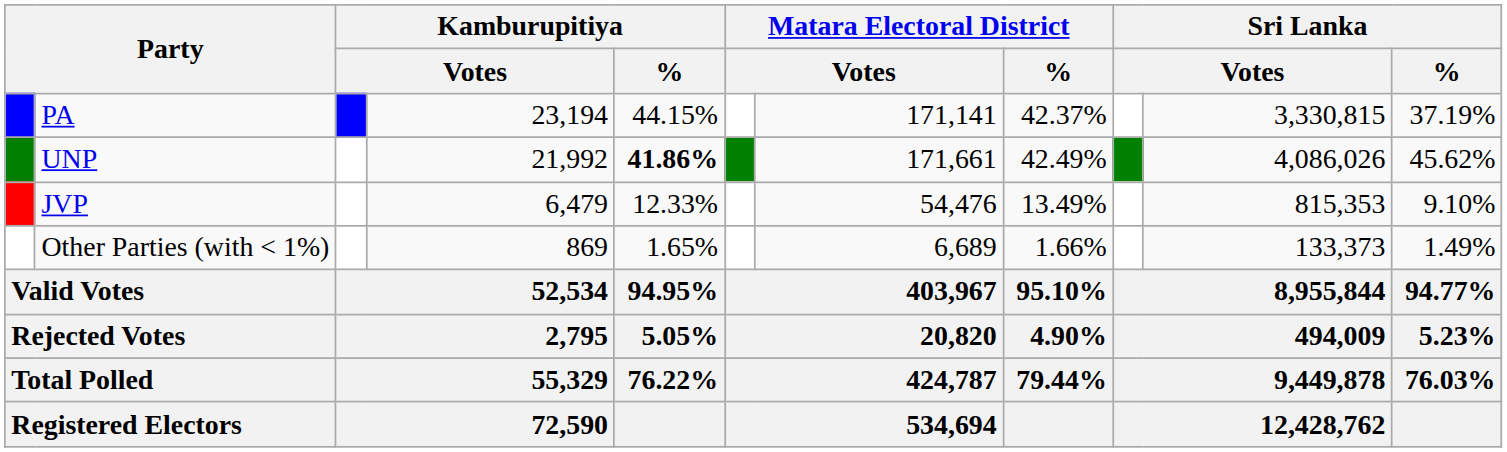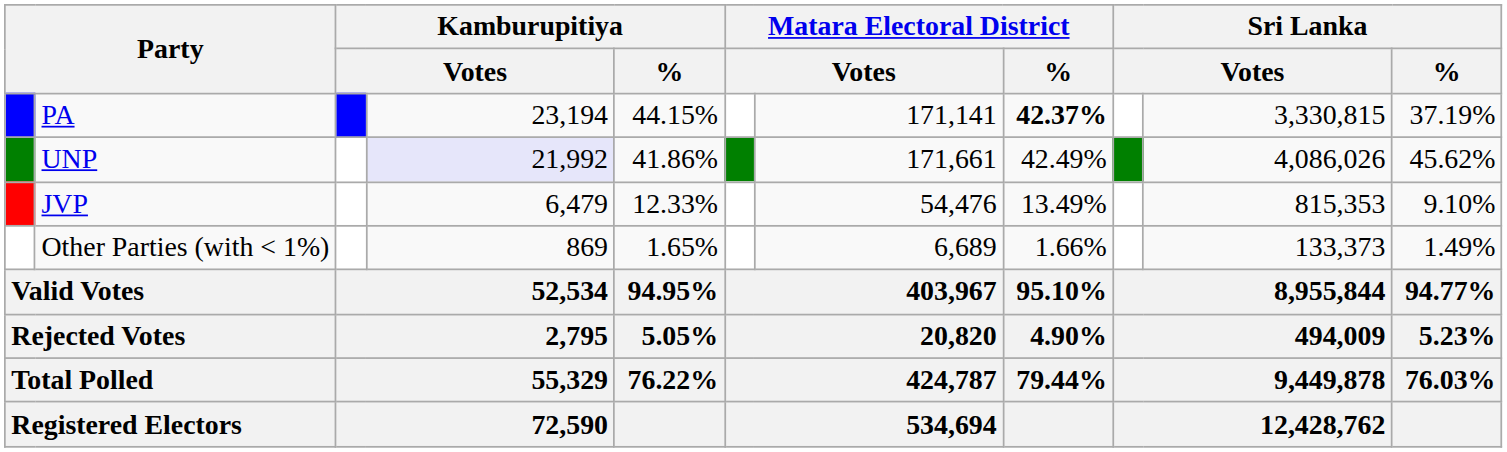 <table class="wikitable">
 <tr>
 <th colspan="2" width="144px"rowspan="2">Party</th>
 <th colspan="3" width="216px">Kamburupitiya</th>
 <th colspan="3" width="216px"><a href='#'>Matara Electoral District</a></th>
 <th colspan="3" width="216px">Sri Lanka</th>
 </tr>
 <tr>
 <th colspan="2" width="144px">Votes</th>
 <th>%</th>
 <th colspan="2" width="144px">Votes</th>
 <th>%</th>
 <th colspan="2" width="144px">Votes</th>
 <th>%</th>
 </tr>
 <tr>
 <td style="background-color:blue;" width="10px"></td>
 <td style="text-align:left;"><a href='#'>PA</a></td>
 <td style="background-color:blue;" width="10px"></td>
 <td style="text-align:right;">23,194</td>
 <td style="text-align:right;">44.15%</td>
 <td style="background-color:white;" width="10px"></td>
 <td style="text-align:right;">171,141</td>
-<td style="text-align:right;">42.37%</td>
+<td style="text-align:right;"><strong>42.37%</strong></td>
 <td style="background-color:white;" width="10px"></td>
 <td style="text-align:right;">3,330,815</td>
 <td style="text-align:right;">37.19%</td>
 </tr>
 <tr>
 <td style="background-color:green;" width="10px"></td>
 <td style="text-align:left;"><a href='#'>UNP</a></td>
 <td style="background-color:white;" width="10px"></td>
-<td style="text-align:right;">21,992</td>
-<td style="text-align:right;"><strong>41.86%</strong></td>
+<td style="background: lavender; text-align:right;">21,992</td>
+<td style="text-align:right;">41.86%</td>
 <td style="background-color:green;" width="10px"></td>
 <td style="text-align:right;">171,661</td>
 <td style="text-align:right;">42.49%</td>
 <td style="background-color:green;" width="10px"></td>
 <td style="text-align:right;">4,086,026</td>
 <td style="text-align:right;">45.62%</td>
 </tr>
 <tr>
 <td style="background-color:red;" width="10px"></td>
 <td style="text-align:left;"><a href='#'>JVP</a></td>
 <td style="background-color:white;" width="10px"></td>
 <td style="text-align:right;">6,479</td>
 <td style="text-align:right;">12.33%</td>
 <td style="background-color:white;" width="10px"></td>
 <td style="text-align:right;">54,476</td>
 <td style="text-align:right;">13.49%</td>
 <td style="background-color:white;" width="10px"></td>
 <td style="text-align:right;">815,353</td>
 <td style="text-align:right;">9.10%</td>
 </tr>
 <tr>
 <td style="background-color:white;" width="10px"></td>
 <td style="text-align:left;">Other Parties (with < 1%)</td>
 <td style="background-color:white;" width="10px"></td>
 <td style="text-align:right;">869</td>
 <td style="text-align:right;">1.65%</td>
 <td style="background-color:white;" width="10px"></td>
 <td style="text-align:right;">6,689</td>
 <td style="text-align:right;">1.66%</td>
 <td style="background-color:white;" width="10px"></td>
 <td style="text-align:right;">133,373</td>
 <td style="text-align:right;">1.49%</td>
 </tr>
 <tr>
 <th colspan="2" width="144px"style="text-align:left;">Valid Votes</th>
 <th style="text-align:right;"colspan="2" width="144px">52,534</th>
 <th style="text-align:right;">94.95%</th>
 <th style="text-align:right;"colspan="2" width="144px">403,967</th>
 <th style="text-align:right;">95.10%</th>
 <th style="text-align:right;"colspan="2" width="144px">8,955,844</th>
 <th style="text-align:right;">94.77%</th>
 </tr>
 <tr>
 <th colspan="2" width="144px"style="text-align:left;">Rejected Votes</th>
 <th style="text-align:right;"colspan="2" width="144px">2,795</th>
 <th style="text-align:right;">5.05%</th>
 <th style="text-align:right;"colspan="2" width="144px">20,820</th>
 <th style="text-align:right;">4.90%</th>
 <th style="text-align:right;"colspan="2" width="144px">494,009</th>
 <th style="text-align:right;">5.23%</th>
 </tr>
 <tr>
 <th colspan="2" width="144px"style="text-align:left;">Total Polled</th>
 <th style="text-align:right;"colspan="2" width="144px">55,329</th>
 <th style="text-align:right;">76.22%</th>
 <th style="text-align:right;"colspan="2" width="144px">424,787</th>
 <th style="text-align:right;">79.44%</th>
 <th style="text-align:right;"colspan="2" width="144px">9,449,878</th>
 <th style="text-align:right;">76.03%</th>
 </tr>
 <tr>
 <th colspan="2" width="144px"style="text-align:left;">Registered Electors</th>
 <th style="text-align:right;"colspan="2" width="144px">72,590</th>
 <th></th>
 <th style="text-align:right;"colspan="2" width="144px">534,694</th>
 <th></th>
 <th style="text-align:right;"colspan="2" width="144px">12,428,762</th>
 <th></th>
 </tr>
 </table>
